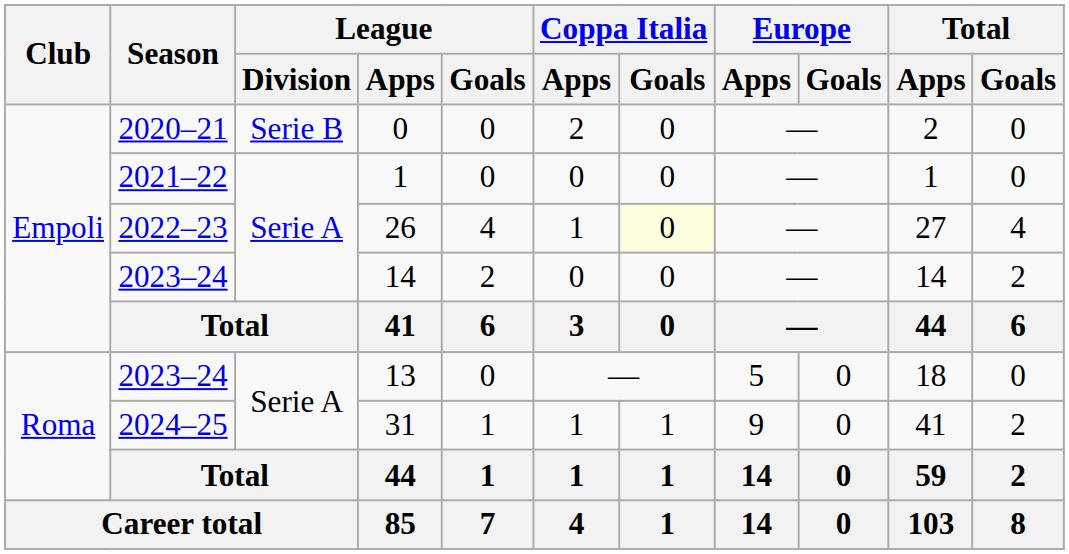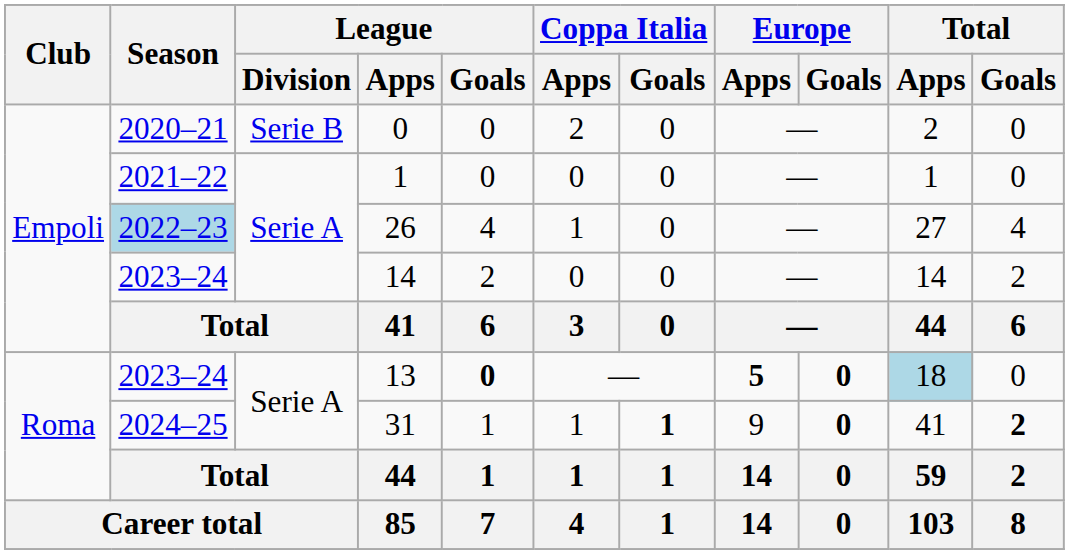 <table class="wikitable" style="text-align:center">
 <tr>
 <th rowspan="2">Club</th>
 <th rowspan="2">Season</th>
 <th colspan="3">League</th>
 <th colspan="2"><a href='#'>Coppa Italia</a></th>
 <th colspan="2"><a href='#'>Europe</a></th>
 <th colspan="2">Total</th>
 </tr>
 <tr>
 <th>Division</th>
 <th>Apps</th>
 <th>Goals</th>
 <th>Apps</th>
 <th>Goals</th>
 <th>Apps</th>
 <th>Goals</th>
 <th>Apps</th>
 <th>Goals</th>
 </tr>
 <tr>
 <td rowspan="5"><a href='#'>Empoli</a></td>
 <td><a href='#'>2020–21</a></td>
 <td><a href='#'>Serie B</a></td>
 <td>0</td>
 <td>0</td>
 <td>2</td>
 <td>0</td>
 <td colspan="2">—</td>
 <td>2</td>
 <td>0</td>
 </tr>
 <tr>
 <td><a href='#'>2021–22</a></td>
 <td rowspan="3"><a href='#'>Serie A</a></td>
 <td>1</td>
 <td>0</td>
 <td>0</td>
 <td>0</td>
 <td colspan="2">—</td>
 <td>1</td>
 <td>0</td>
 </tr>
 <tr>
-<td><a href='#'>2022–23</a></td>
+<td style="background: lightblue;"><a href='#'>2022–23</a></td>
 <td>26</td>
 <td>4</td>
 <td>1</td>
-<td style="background: lightyellow;">0</td>
+<td>0</td>
 <td colspan="2">—</td>
 <td>27</td>
 <td>4</td>
 </tr>
 <tr>
 <td><a href='#'>2023–24</a></td>
 <td>14</td>
 <td>2</td>
 <td>0</td>
 <td>0</td>
 <td colspan="2">—</td>
 <td>14</td>
 <td>2</td>
 </tr>
 <tr>
 <th colspan="2">Total</th>
 <th>41</th>
 <th>6</th>
 <th>3</th>
 <th>0</th>
 <th colspan="2">—</th>
 <th>44</th>
 <th>6</th>
 </tr>
 <tr>
 <td rowspan="3"><a href='#'>Roma</a></td>
 <td><a href='#'>2023–24</a></td>
 <td rowspan="2">Serie A</td>
 <td>13</td>
-<td>0</td>
+<td><strong>0</strong></td>
 <td colspan="2">—</td>
-<td>5</td>
-<td>0</td>
-<td>18</td>
+<td><strong>5</strong></td>
+<td><strong>0</strong></td>
+<td style="background: lightblue;">18</td>
 <td>0</td>
 </tr>
 <tr>
 <td><a href='#'>2024–25</a></td>
 <td>31</td>
 <td>1</td>
 <td>1</td>
-<td>1</td>
+<td><strong>1</strong></td>
 <td>9</td>
-<td>0</td>
+<td><strong>0</strong></td>
 <td>41</td>
-<td>2</td>
+<td><strong>2</strong></td>
 </tr>
 <tr>
 <th colspan="2">Total</th>
 <th>44</th>
 <th>1</th>
 <th>1</th>
 <th>1</th>
 <th>14</th>
 <th>0</th>
 <th>59</th>
 <th>2</th>
 </tr>
 <tr>
 <th colspan="3">Career total</th>
 <th>85</th>
 <th>7</th>
 <th>4</th>
 <th>1</th>
 <th>14</th>
 <th>0</th>
 <th>103</th>
 <th>8</th>
 </tr>
 </table>
